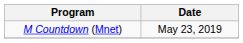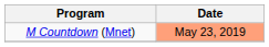 <table class="wikitable" style="text-align:center">
 <tr>
 <th width="200">Program</th>
 <th width="140">Date</th>
 </tr>
 <tr>
 <td rowspan="1"><em><a href='#'>M Countdown</a></em> (<a href='#'>Mnet</a>)</td>
-<td>May 23, 2019</td>
+<td style="background: lightsalmon;">May 23, 2019</td>
 </tr>
 <tr>
 </tr>
 </table>
